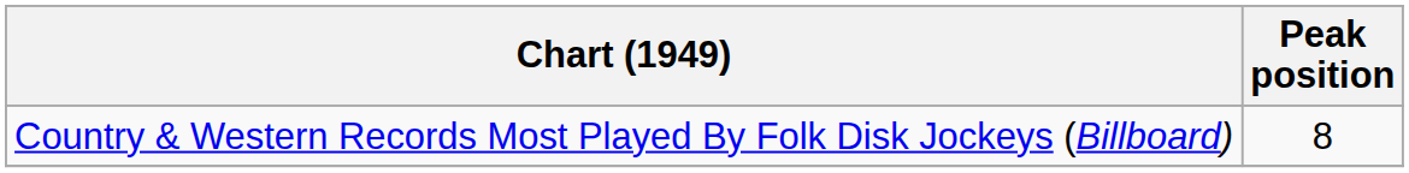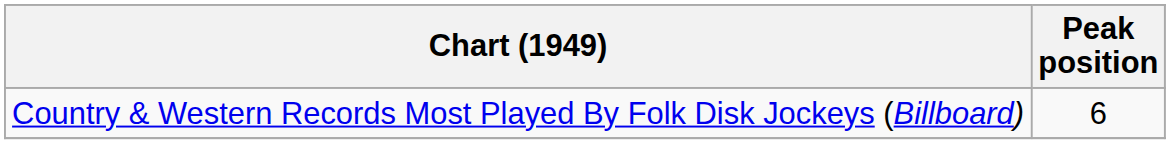 <table class="wikitable sortable">
 <tr>
 <th align="left">Chart (1949)</th>
 <th align="center">Peak<br>position</th>
 </tr>
 <tr>
 <td align="left"><a href='#'>Country & Western Records Most Played By Folk Disk Jockeys</a> (<em><a href='#'>Billboard</a>)</em></td>
-<td align="center">8</td>
+<td align="center">6</td>
 </tr>
 <tr>
 </tr>
 </table>
